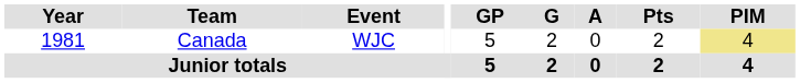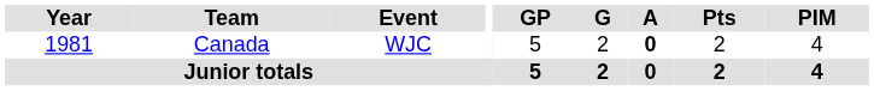 <table border="0" cellpadding="1" cellspacing="0" ID="Table3" style="text-align:center; width:40em">
 <tr bgcolor="#e0e0e0">
 <th>Year</th>
 <th>Team</th>
 <th>Event</th>
 <th rowspan="102" bgcolor="#ffffff"></th>
 <th>GP</th>
 <th>G</th>
 <th>A</th>
 <th>Pts</th>
 <th>PIM</th>
 </tr>
 <tr>
 <td><a href='#'>1981</a></td>
 <td><a href='#'>Canada</a></td>
 <td><a href='#'>WJC</a></td>
 <td>5</td>
 <td>2</td>
-<td>0</td>
+<td><strong>0</strong></td>
 <td>2</td>
-<td style="background: khaki;">4</td>
+<td>4</td>
 </tr>
 <tr bgcolor="#e0e0e0">
 <th colspan="4">Junior totals</th>
 <th>5</th>
 <th>2</th>
 <th>0</th>
 <th>2</th>
 <th>4</th>
 </tr>
 </table>
